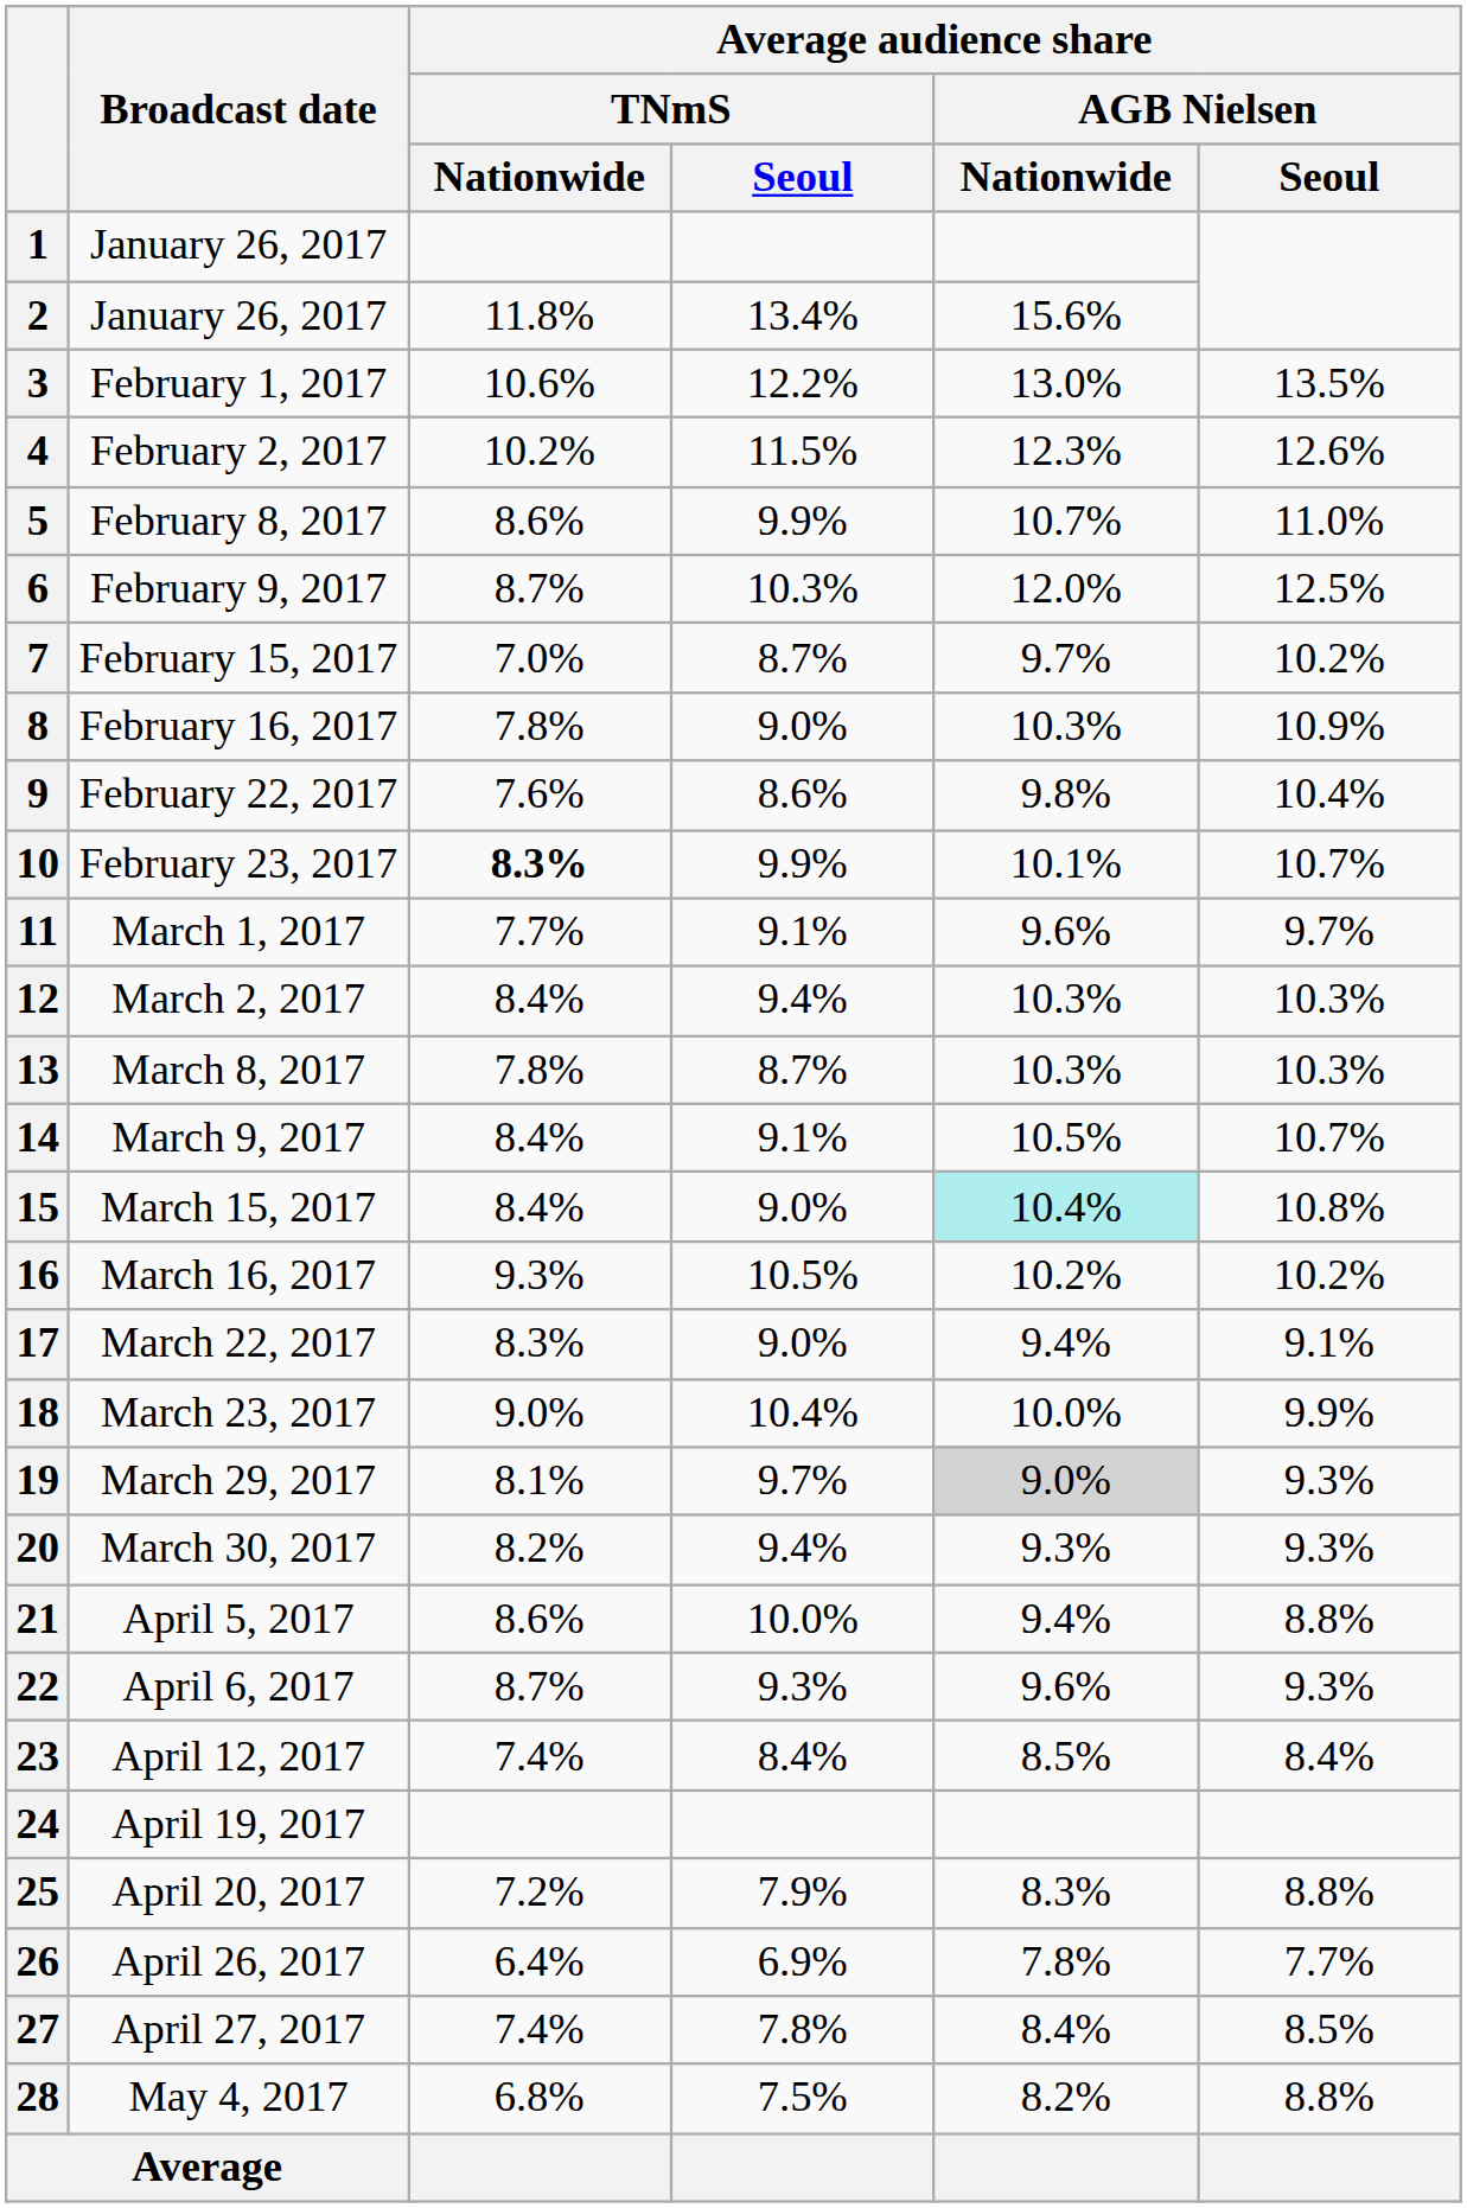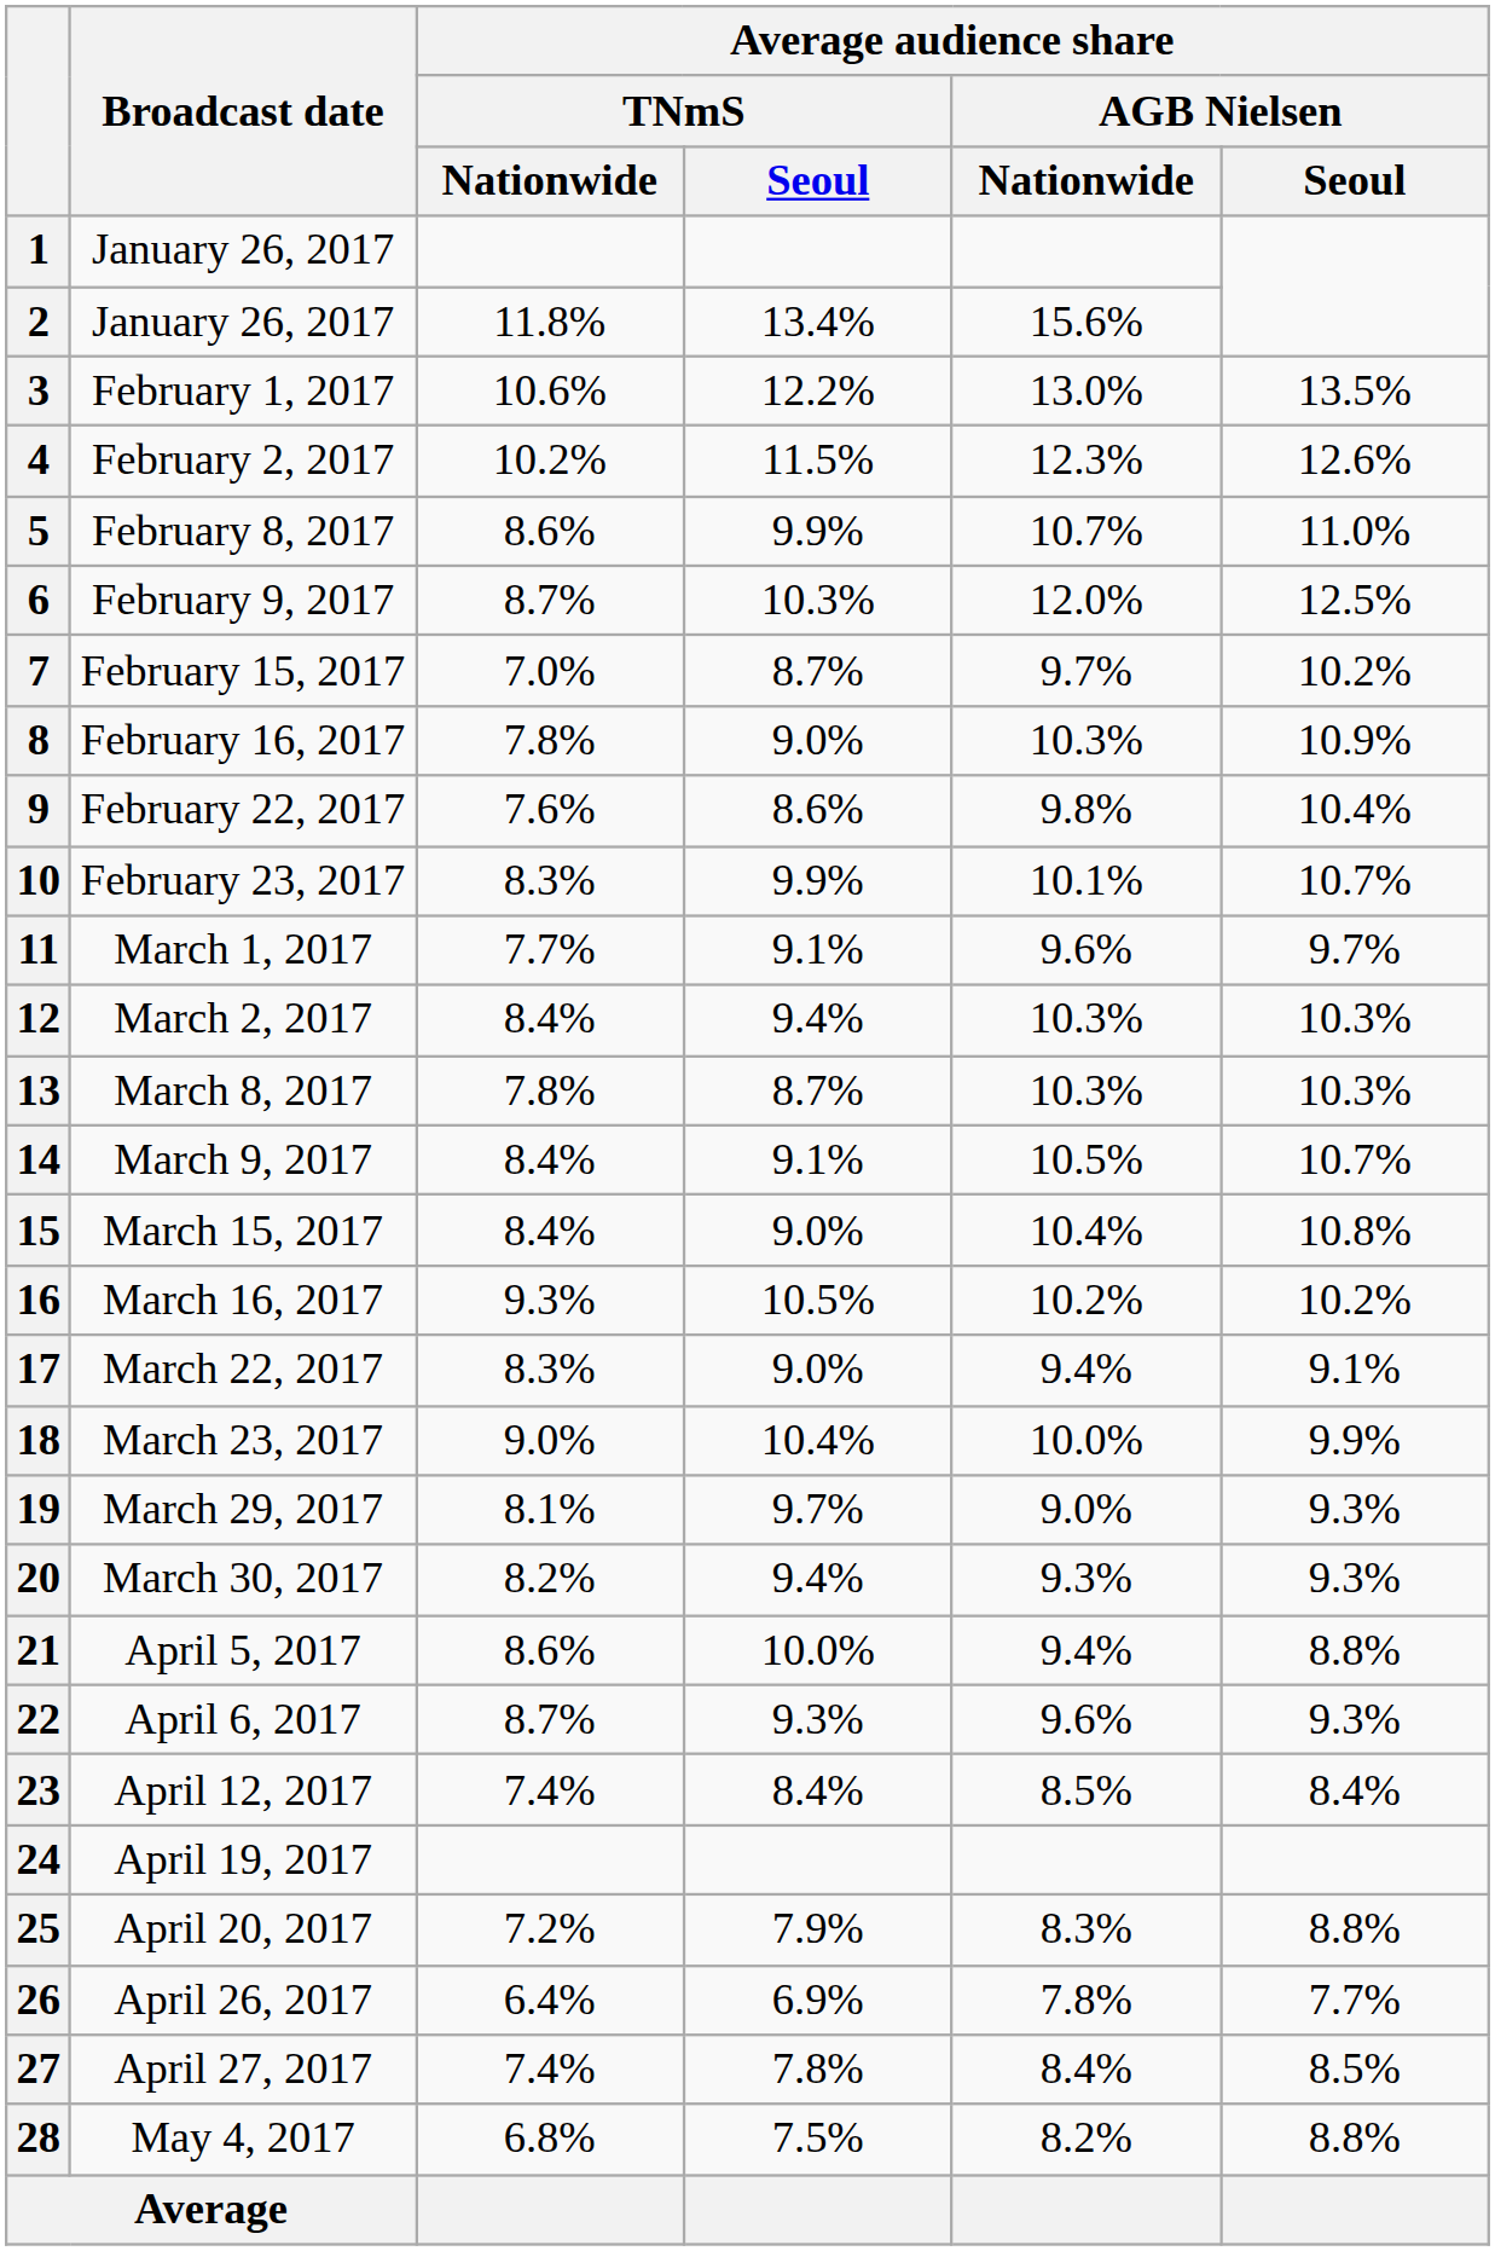 <table class=wikitable style="text-align:center">
 <tr>
 <th rowspan="3"></th>
 <th rowspan="3">Broadcast date</th>
 <th colspan="4">Average audience share</th>
 </tr>
 <tr>
 <th colspan="2">TNmS</th>
 <th colspan="2">AGB Nielsen</th>
 </tr>
 <tr>
 <th width="90">Nationwide</th>
 <th width="90"><a href='#'>Seoul</a></th>
 <th width="90">Nationwide</th>
 <th width="90">Seoul</th>
 </tr>
 <tr>
 <th>1</th>
 <td>January 26, 2017</td>
 <td> </td>
 <td> </td>
 <td> </td>
 <td rowspan="2"> </td>
 </tr>
 <tr>
 <th>2</th>
 <td>January 26, 2017</td>
 <td>11.8% </td>
 <td>13.4% </td>
 <td>15.6% </td>
 </tr>
 <tr>
 <th>3</th>
 <td>February 1, 2017</td>
 <td>10.6% </td>
 <td>12.2% </td>
 <td>13.0% </td>
 <td>13.5% </td>
 </tr>
 <tr>
 <th>4</th>
 <td>February 2, 2017</td>
 <td>10.2% </td>
 <td>11.5% </td>
 <td>12.3% </td>
 <td>12.6% </td>
 </tr>
 <tr>
 <th>5</th>
 <td>February 8, 2017</td>
 <td>8.6% </td>
 <td>9.9% </td>
 <td>10.7% </td>
 <td>11.0% </td>
 </tr>
 <tr>
 <th>6</th>
 <td>February 9, 2017</td>
 <td>8.7% </td>
 <td>10.3% </td>
 <td>12.0% </td>
 <td>12.5% </td>
 </tr>
 <tr>
 <th>7</th>
 <td>February 15, 2017</td>
 <td>7.0% </td>
 <td>8.7% </td>
 <td>9.7% </td>
 <td>10.2% </td>
 </tr>
 <tr>
 <th>8</th>
 <td>February 16, 2017</td>
 <td>7.8% </td>
 <td>9.0% </td>
 <td>10.3% </td>
 <td>10.9% </td>
 </tr>
 <tr>
 <th>9</th>
 <td>February 22, 2017</td>
 <td>7.6% </td>
 <td>8.6% </td>
 <td>9.8% </td>
 <td>10.4% </td>
 </tr>
 <tr>
 <th>10</th>
 <td>February 23, 2017</td>
-<td><strong>8.3% </strong></td>
+<td>8.3% </td>
 <td>9.9% </td>
 <td>10.1% </td>
 <td>10.7% </td>
 </tr>
 <tr>
 <th>11</th>
 <td>March 1, 2017</td>
 <td>7.7% </td>
 <td>9.1% </td>
 <td>9.6% </td>
 <td>9.7% </td>
 </tr>
 <tr>
 <th>12</th>
 <td>March 2, 2017</td>
 <td>8.4% </td>
 <td>9.4% </td>
 <td>10.3% </td>
 <td>10.3% </td>
 </tr>
 <tr>
 <th>13</th>
 <td>March 8, 2017</td>
 <td>7.8% </td>
 <td>8.7% </td>
 <td>10.3% </td>
 <td>10.3% </td>
 </tr>
 <tr>
 <th>14</th>
 <td>March 9, 2017</td>
 <td>8.4% </td>
 <td>9.1% </td>
 <td>10.5% </td>
 <td>10.7% </td>
 </tr>
 <tr>
 <th>15</th>
 <td>March 15, 2017</td>
 <td>8.4% </td>
 <td>9.0% </td>
-<td style="background: paleturquoise;">10.4% </td>
+<td>10.4% </td>
 <td>10.8% </td>
 </tr>
 <tr>
 <th>16</th>
 <td>March 16, 2017</td>
 <td>9.3% </td>
 <td>10.5% </td>
 <td>10.2% </td>
 <td>10.2% </td>
 </tr>
 <tr>
 <th>17</th>
 <td>March 22, 2017</td>
 <td>8.3% </td>
 <td>9.0% </td>
 <td>9.4% </td>
 <td>9.1% </td>
 </tr>
 <tr>
 <th>18</th>
 <td>March 23, 2017</td>
 <td>9.0% </td>
 <td>10.4% </td>
 <td>10.0% </td>
 <td>9.9% </td>
 </tr>
 <tr>
 <th>19</th>
 <td>March 29, 2017</td>
 <td>8.1% </td>
 <td>9.7% </td>
-<td style="background: lightgrey;">9.0% </td>
+<td>9.0% </td>
 <td>9.3% </td>
 </tr>
 <tr>
 <th>20</th>
 <td>March 30, 2017</td>
 <td>8.2% </td>
 <td>9.4% </td>
 <td>9.3% </td>
 <td>9.3% </td>
 </tr>
 <tr>
 <th>21</th>
 <td>April 5, 2017</td>
 <td>8.6% </td>
 <td>10.0% </td>
 <td>9.4% </td>
 <td>8.8% </td>
 </tr>
 <tr>
 <th>22</th>
 <td>April 6, 2017</td>
 <td>8.7% </td>
 <td>9.3% </td>
 <td>9.6% </td>
 <td>9.3% </td>
 </tr>
 <tr>
 <th>23</th>
 <td>April 12, 2017</td>
 <td>7.4% </td>
 <td>8.4% </td>
 <td>8.5% </td>
 <td>8.4% </td>
 </tr>
 <tr>
 <th>24</th>
 <td>April 19, 2017</td>
 <td> </td>
 <td> </td>
 <td> </td>
 <td> </td>
 </tr>
 <tr>
 <th>25</th>
 <td>April 20, 2017</td>
 <td>7.2% </td>
 <td>7.9% </td>
 <td>8.3% </td>
 <td>8.8% </td>
 </tr>
 <tr>
 <th>26</th>
 <td>April 26, 2017</td>
 <td>6.4% </td>
 <td>6.9% </td>
 <td>7.8% </td>
 <td>7.7% </td>
 </tr>
 <tr>
 <th>27</th>
 <td>April 27, 2017</td>
 <td>7.4% </td>
 <td>7.8% </td>
 <td>8.4% </td>
 <td>8.5% </td>
 </tr>
 <tr>
 <th>28</th>
 <td>May 4, 2017</td>
 <td>6.8% </td>
 <td>7.5% </td>
 <td>8.2% </td>
 <td>8.8% </td>
 </tr>
 <tr>
 <th colspan="2">Average</th>
 <th></th>
 <th></th>
 <th></th>
 <th></th>
 </tr>
 </table>
